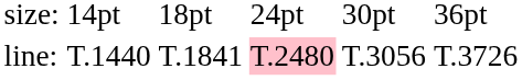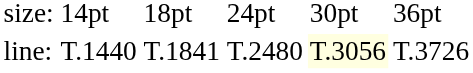 <table style="margin-left:40px;">
 <tr>
 <td>size:</td>
 <td>14pt</td>
 <td>18pt</td>
 <td>24pt</td>
 <td>30pt</td>
 <td>36pt</td>
 </tr>
 <tr>
 <td>line:</td>
 <td>T.1440</td>
 <td>T.1841</td>
-<td style="background: pink;">T.2480</td>
-<td>T.3056</td>
+<td>T.2480</td>
+<td style="background: lightyellow;">T.3056</td>
 <td>T.3726</td>
 </tr>
 </table>
